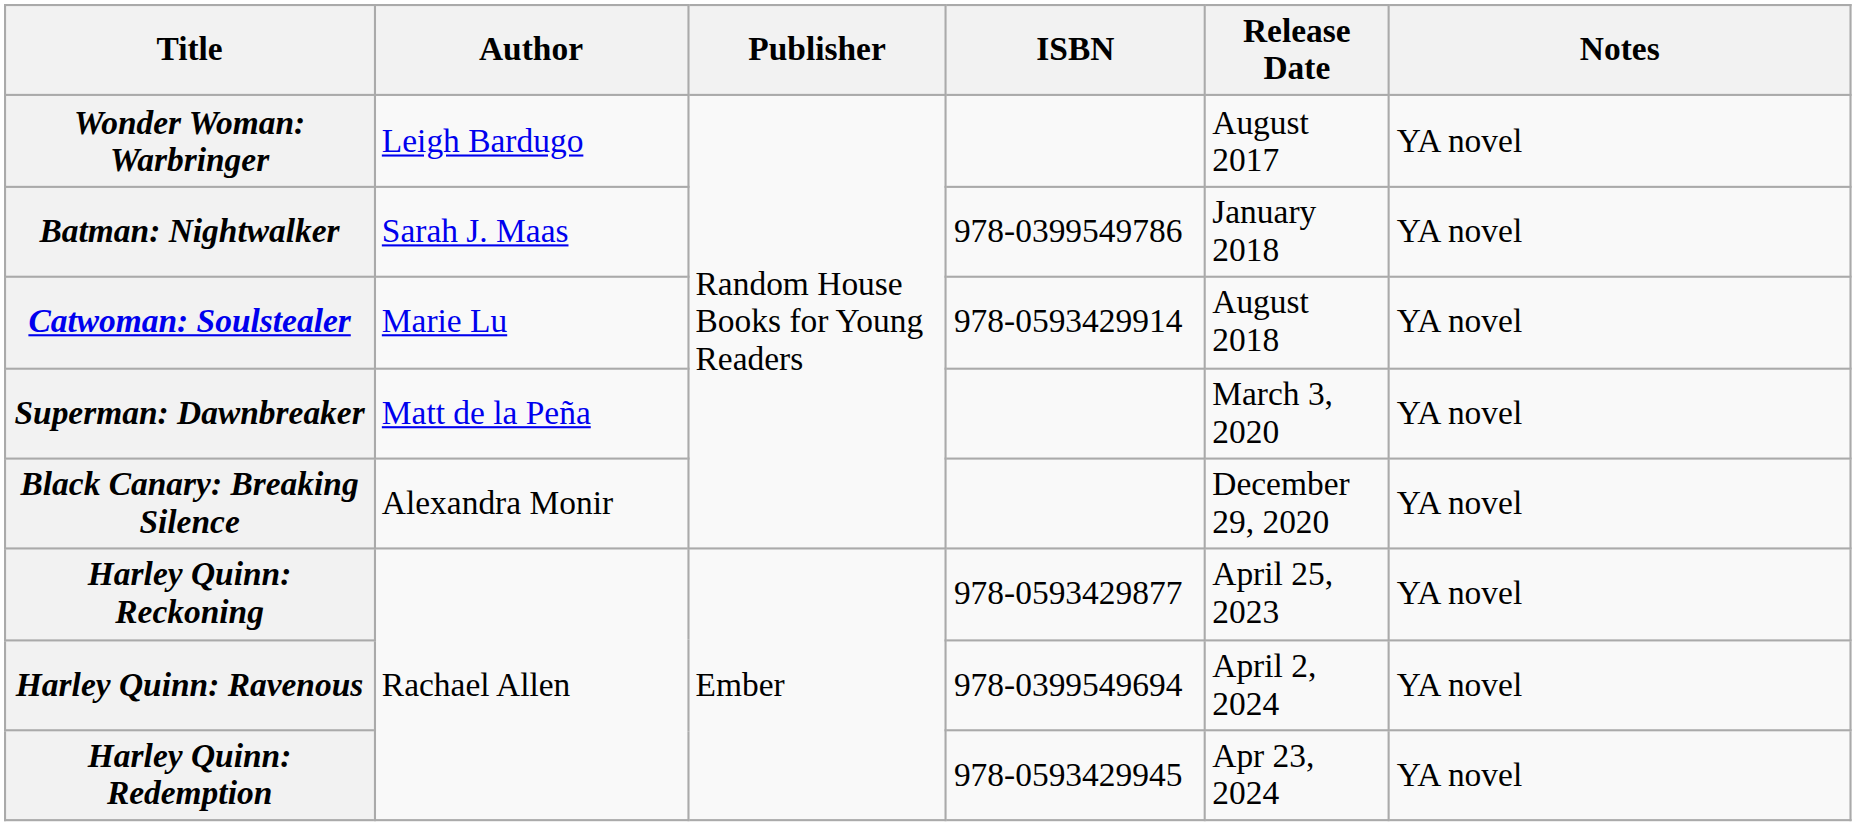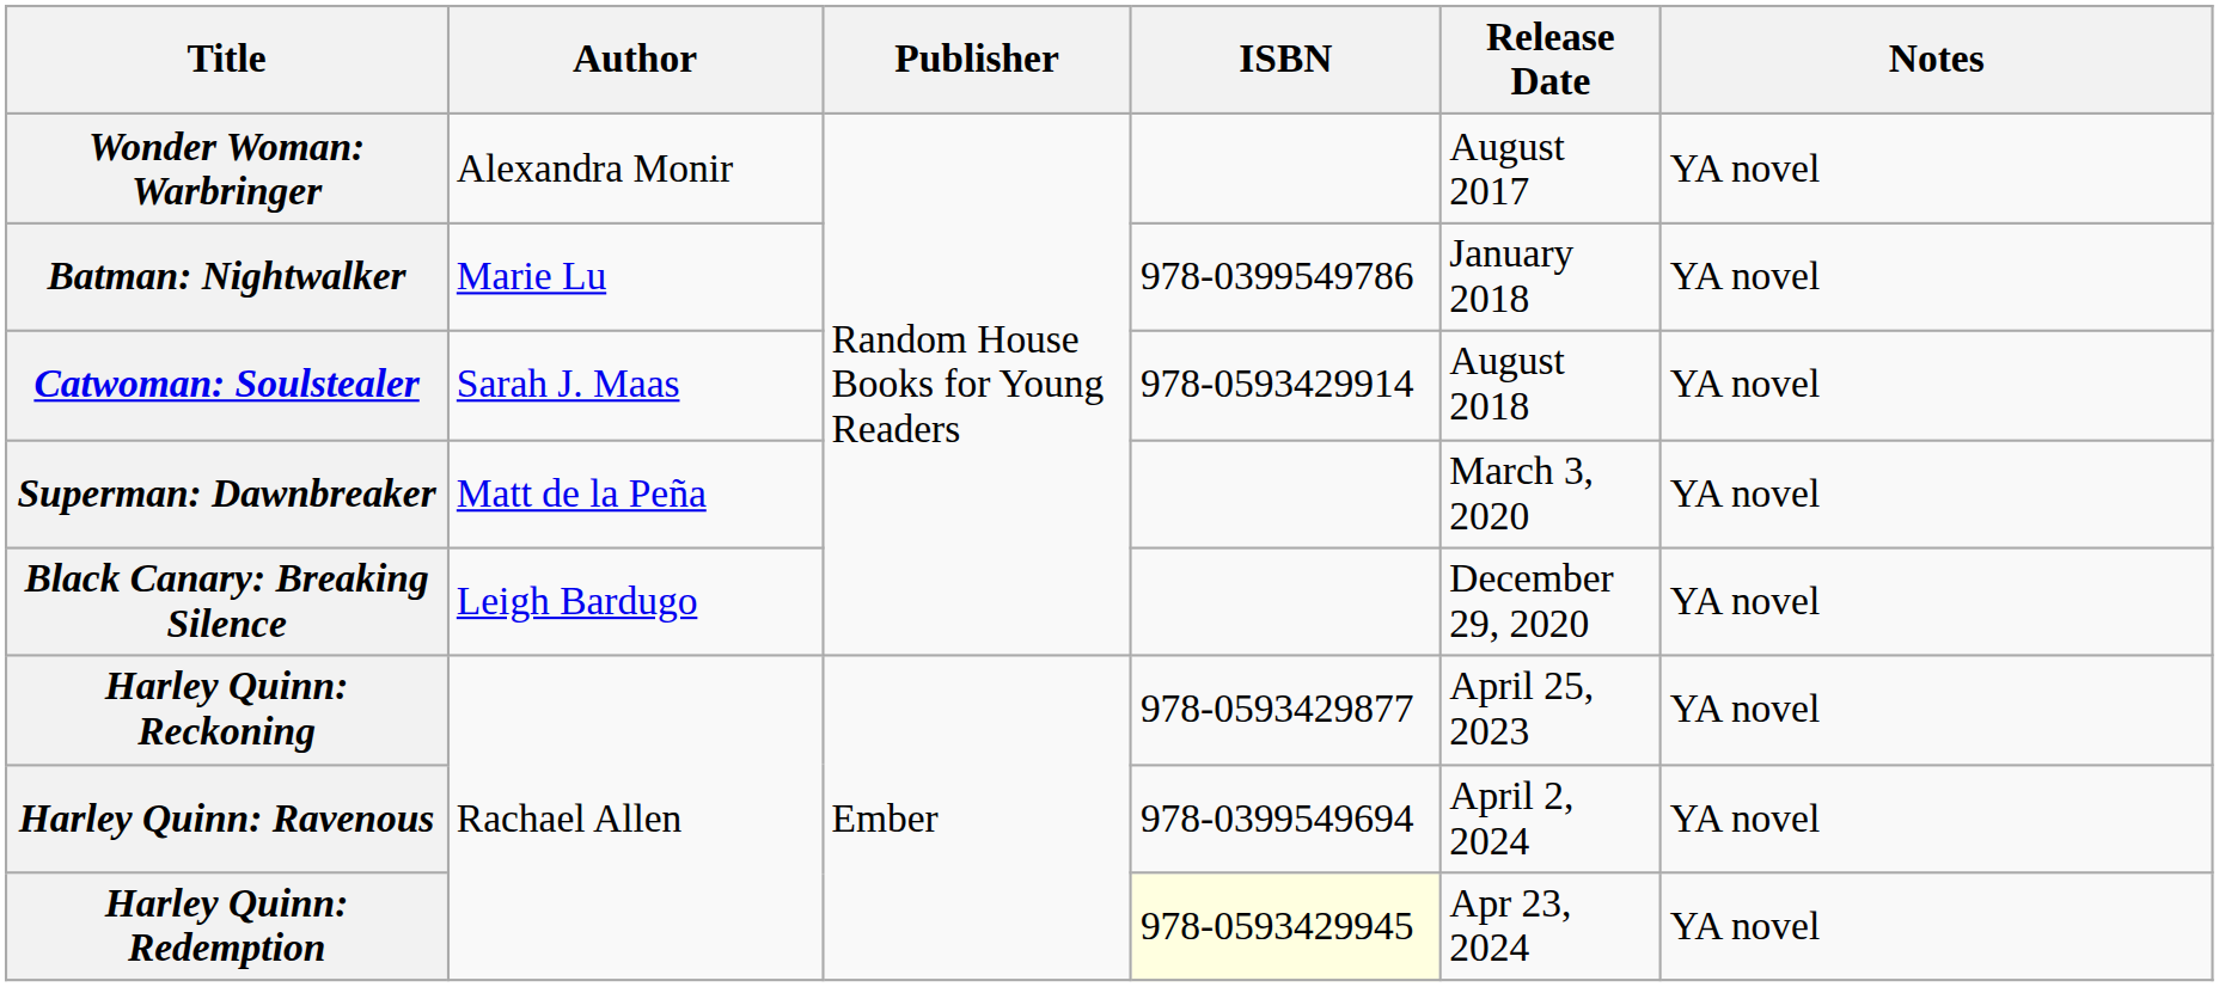 <table class="wikitable" width=100%>
 <tr>
 <th width=20%>Title</th>
 <th width=17%>Author</th>
 <th width=14%>Publisher</th>
 <th width=14%>ISBN</th>
 <th width=10%>Release Date</th>
 <th width=25%>Notes</th>
 </tr>
 <tr>
 <th><em>Wonder Woman: Warbringer</em></th>
-<td><a href='#'>Leigh Bardugo</a></td>
+<td>Alexandra Monir</td>
 <td rowspan="5">Random House Books for Young Readers</td>
 <td></td>
 <td>August 2017</td>
 <td>YA novel</td>
 </tr>
 <tr>
 <th><em>Batman: Nightwalker</em></th>
-<td><a href='#'>Sarah J. Maas</a></td>
+<td><a href='#'>Marie Lu</a></td>
 <td>978-0399549786</td>
 <td>January 2018</td>
 <td>YA novel</td>
 </tr>
 <tr>
 <th><em><a href='#'>Catwoman: Soulstealer</a></em></th>
-<td><a href='#'>Marie Lu</a></td>
+<td><a href='#'>Sarah J. Maas</a></td>
 <td>978-0593429914</td>
 <td>August 2018</td>
 <td>YA novel</td>
 </tr>
 <tr>
 <th><em>Superman: Dawnbreaker</em></th>
 <td><a href='#'>Matt de la Peña</a></td>
 <td></td>
 <td>March 3, 2020</td>
 <td>YA novel</td>
 </tr>
 <tr>
 <th><em>Black Canary: Breaking Silence</em></th>
-<td>Alexandra Monir</td>
+<td><a href='#'>Leigh Bardugo</a></td>
 <td></td>
 <td>December 29, 2020</td>
 <td>YA novel</td>
 </tr>
 <tr>
 <th><em>Harley Quinn: Reckoning</em></th>
 <td rowspan="3">Rachael Allen</td>
 <td rowspan="3">Ember</td>
 <td>978-0593429877</td>
 <td>April 25, 2023</td>
 <td>YA novel</td>
 </tr>
 <tr>
 <th><em>Harley Quinn: Ravenous</em></th>
 <td>978-0399549694</td>
 <td>April 2, 2024</td>
 <td>YA novel</td>
 </tr>
 <tr>
 <th><em>Harley Quinn: Redemption</em></th>
-<td>978-0593429945</td>
+<td style="background: lightyellow;">978-0593429945</td>
 <td>Apr 23, 2024</td>
 <td>YA novel</td>
 </tr>
 </table>
